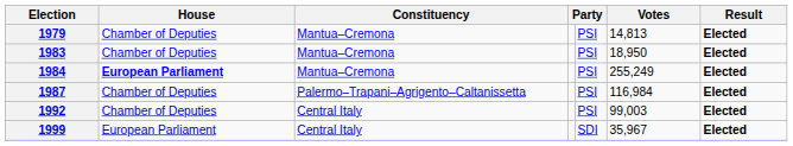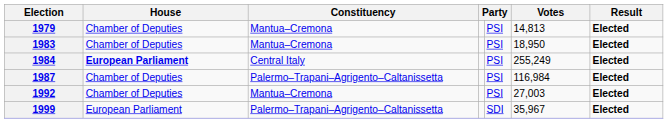 <table class=wikitable style="width:65%; border:1px #AAAAFF solid">
 <tr>
 <th width=12%>Election</th>
 <th width=25%>House</th>
 <th width=35%>Constituency</th>
 <th width=5% colspan="2">Party</th>
 <th width=12%>Votes</th>
 <th width=12%>Result</th>
 </tr>
 <tr>
 <th><a href='#'>1979</a></th>
 <td><a href='#'>Chamber of Deputies</a></td>
 <td><a href='#'>Mantua–Cremona</a></td>
 <td></td>
 <td><a href='#'>PSI</a></td>
 <td>14,813</td>
 <td> <strong>Elected</strong></td>
 </tr>
 <tr>
 <th><a href='#'>1983</a></th>
 <td><a href='#'>Chamber of Deputies</a></td>
 <td><a href='#'>Mantua–Cremona</a></td>
 <td></td>
 <td><a href='#'>PSI</a></td>
 <td>18,950</td>
 <td> <strong>Elected</strong></td>
 </tr>
 <tr>
 <th><a href='#'>1984</a></th>
 <td><strong><a href='#'>European Parliament</a></strong></td>
-<td><a href='#'>Mantua–Cremona</a></td>
+<td><a href='#'>Central Italy</a></td>
 <td></td>
 <td><a href='#'>PSI</a></td>
 <td>255,249</td>
 <td> <strong>Elected</strong></td>
 </tr>
 <tr>
 <th><a href='#'>1987</a></th>
 <td><a href='#'>Chamber of Deputies</a></td>
 <td><a href='#'>Palermo–Trapani–Agrigento–Caltanissetta</a></td>
 <td></td>
 <td><a href='#'>PSI</a></td>
 <td>116,984</td>
 <td> <strong>Elected</strong></td>
 </tr>
 <tr>
 <th><a href='#'>1992</a></th>
 <td><a href='#'>Chamber of Deputies</a></td>
-<td><a href='#'>Central Italy</a></td>
+<td><a href='#'>Mantua–Cremona</a></td>
 <td></td>
 <td><a href='#'>PSI</a></td>
-<td>99,003</td>
+<td>27,003</td>
 <td> <strong>Elected</strong></td>
 </tr>
 <tr>
 <th><a href='#'>1999</a></th>
 <td><a href='#'>European Parliament</a></td>
-<td><a href='#'>Central Italy</a></td>
+<td><a href='#'>Palermo–Trapani–Agrigento–Caltanissetta</a></td>
 <td></td>
 <td><a href='#'>SDI</a></td>
 <td>35,967</td>
 <td> <strong>Elected</strong></td>
 </tr>
 <tr>
 </tr>
 </table>
